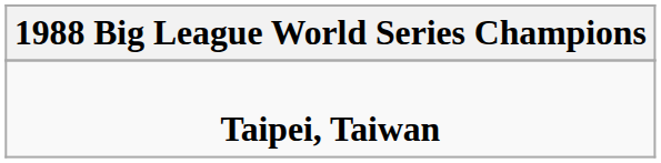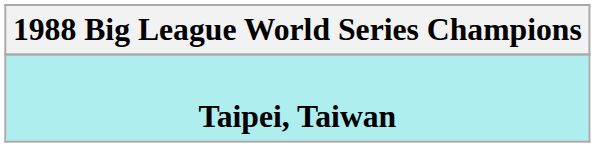 <table class="wikitable" style="text-align: center; margin: 0 auto;">
 <tr>
 <th>1988 Big League World Series Champions</th>
 </tr>
 <tr>
 </tr>
 <tr>
-<td><br><strong>Taipei, Taiwan</strong></td>
+<td style="background: paleturquoise;"><br><strong>Taipei, Taiwan</strong></td>
 </tr>
 </table>
